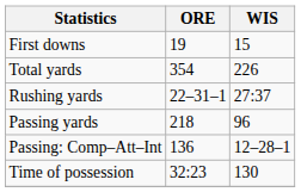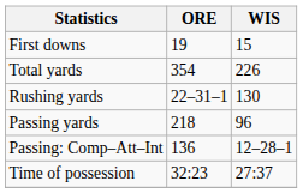 <table class="wikitable" style="float: left;">
 <tr>
 <th>Statistics</th>
 <th>ORE</th>
 <th>WIS</th>
 </tr>
 <tr>
 <td>First downs</td>
 <td>19</td>
 <td>15</td>
 </tr>
 <tr>
 <td>Total yards</td>
 <td>354</td>
 <td>226</td>
 </tr>
 <tr>
 <td>Rushing yards</td>
 <td>22–31–1</td>
-<td>27:37</td>
+<td>130</td>
 </tr>
 <tr>
 <td>Passing yards</td>
 <td>218</td>
 <td>96</td>
 </tr>
 <tr>
 <td>Passing: Comp–Att–Int</td>
 <td>136</td>
 <td>12–28–1</td>
 </tr>
 <tr>
 <td>Time of possession</td>
 <td>32:23</td>
-<td>130</td>
+<td>27:37</td>
 </tr>
 <tr>
 </tr>
 </table>
